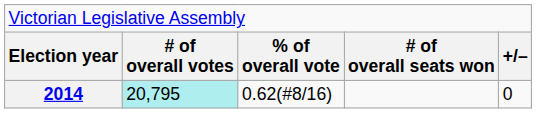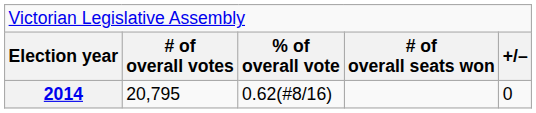 <table class=wikitable>
 <tr>
 <td colspan=5><a href='#'>Victorian Legislative Assembly</a></td>
 </tr>
 <tr>
 <th>Election year</th>
 <th># of<br>overall votes</th>
 <th>% of<br>overall vote</th>
 <th># of<br>overall seats won</th>
 <th>+/–</th>
 </tr>
 <tr>
 <th><a href='#'>2014</a></th>
-<td style="background: paleturquoise;">20,795</td>
+<td>20,795</td>
 <td>0.62(#8/16)</td>
 <td></td>
 <td> 0</td>
 </tr>
 </table>
